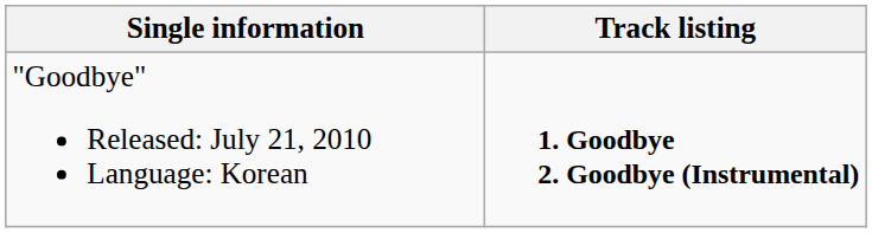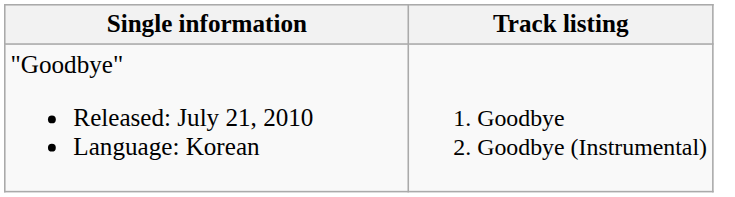 <table class="wikitable">
 <tr>
 <th align="center" width="250px">Single information</th>
 <th align="left">Track listing</th>
 </tr>
 <tr>
 <td align="left">"Goodbye"<br><ul><li>Released: July 21, 2010</li><li>Language: Korean</li></ul></td>
-<td align="left" style="font-size: 95%;"><strong><br><ol><li>Goodbye</li><li>Goodbye (Instrumental)</li></ol></strong></td>
+<td align="left" style="font-size: 95%;"><br><ol><li>Goodbye</li><li>Goodbye (Instrumental)</li></ol></td>
 </tr>
 </table>
